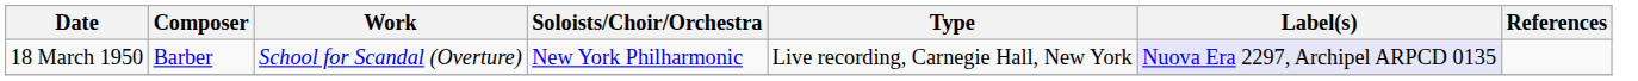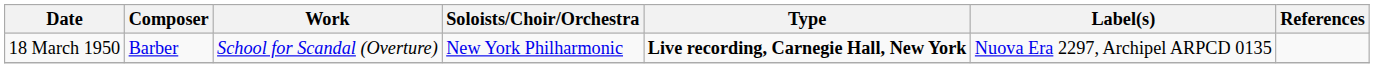 <table class="wikitable">
 <tr>
 <th>Date</th>
 <th>Composer</th>
 <th>Work</th>
 <th>Soloists/Choir/Orchestra</th>
 <th>Type</th>
 <th>Label(s)</th>
 <th>References</th>
 </tr>
 <tr>
 <td>18 March 1950</td>
 <td><a href='#'>Barber</a></td>
 <td><em><a href='#'>School for Scandal</a> (Overture)</em></td>
 <td><a href='#'>New York Philharmonic</a></td>
-<td>Live recording, Carnegie Hall, New York</td>
-<td style="background: lavender;"><a href='#'>Nuova Era</a> 2297, Archipel ARPCD 0135</td>
+<td><strong>Live recording, Carnegie Hall, New York</strong></td>
+<td><a href='#'>Nuova Era</a> 2297, Archipel ARPCD 0135</td>
 <td></td>
 </tr>
 <tr>
 </tr>
 </table>
